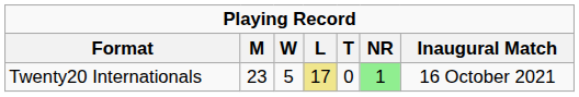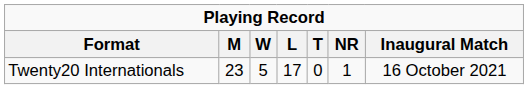 <table class="wikitable" style="text-align: center; width: 500px;">
 <tr>
 <td colspan=7 align="center"><strong>Playing Record</strong></td>
 </tr>
 <tr>
 <th>Format</th>
 <th>M</th>
 <th>W</th>
 <th>L</th>
 <th>T</th>
 <th>NR</th>
 <th>Inaugural Match</th>
 </tr>
 <tr>
 <td align="left">Twenty20 Internationals</td>
 <td>23</td>
 <td>5</td>
-<td style="background: khaki;">17</td>
+<td>17</td>
 <td>0</td>
-<td style="background: lightgreen;">1</td>
+<td>1</td>
 <td>16 October 2021</td>
 </tr>
 </table>
